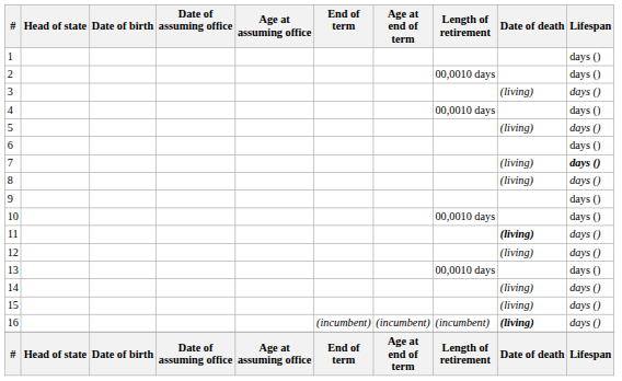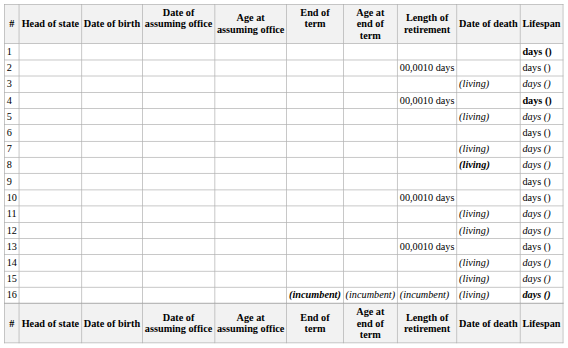 <table class="sortable wikitable">
 <tr>
 <th align="center">#<br></th>
 <th align="center">Head of state<br></th>
 <th align="center">Date of birth<br></th>
 <th align="center" class="unsortable" valign="top">Date of <br>assuming office</th>
 <th align="center">Age at <br>assuming office<br></th>
 <th align="center" class="unsortable" valign="top">End of<br>term</th>
 <th align="center">Age at <br>end of<br>term</th>
 <th align="center">Length of<br>retirement<br></th>
 <th align="center">Date of death<br></th>
 <th align="center">Lifespan<br></th>
 </tr>
 <tr style="text-align: left; background:#FFFFFF">
 <td>1</td>
 <td></td>
 <td></td>
 <td></td>
 <td></td>
 <td></td>
 <td></td>
 <td></td>
 <td></td>
-<td> days ()</td>
+<td><strong> days ()</strong></td>
 </tr>
 <tr style="text-align: left; background:#FFFFFF">
 <td>2</td>
 <td></td>
 <td></td>
 <td></td>
 <td></td>
 <td></td>
 <td></td>
 <td><span>00,001</span>0 days</td>
 <td></td>
 <td> days ()</td>
 </tr>
 <tr style="text-align: left; background:#FFFFFF">
 <td>3</td>
 <td></td>
 <td></td>
 <td></td>
 <td></td>
 <td></td>
 <td></td>
 <td><em></em></td>
 <td><em>(living)</em></td>
 <td><em> days ()</em></td>
 </tr>
 <tr style="text-align: left; background:#FFFFFF">
 <td>4</td>
 <td></td>
 <td></td>
 <td></td>
 <td></td>
 <td></td>
 <td></td>
 <td><span>00,001</span>0 days</td>
 <td></td>
-<td> days ()</td>
+<td><strong> days ()</strong></td>
 </tr>
 <tr style="text-align: left; background:#FFFFFF">
 <td>5</td>
 <td></td>
 <td></td>
 <td></td>
 <td></td>
 <td></td>
 <td></td>
 <td></td>
 <td><em>(living)</em></td>
 <td><em> days ()</em></td>
 </tr>
 <tr style="text-align: left; background:#FFFFFF">
 <td>6</td>
 <td></td>
 <td></td>
 <td></td>
 <td></td>
 <td></td>
 <td></td>
 <td></td>
 <td></td>
 <td> days ()</td>
 </tr>
 <tr style="text-align: left; background:#FFFFFF">
 <td>7</td>
 <td></td>
 <td></td>
 <td></td>
 <td></td>
 <td></td>
 <td></td>
 <td></td>
 <td><em>(living)</em></td>
-<td><strong><em> days ()</em></strong></td>
+<td><em> days ()</em></td>
 </tr>
 <tr style="text-align: left; background:#FFFFFF">
 <td>8</td>
 <td></td>
 <td></td>
 <td></td>
 <td></td>
 <td></td>
 <td></td>
 <td><em></em></td>
-<td><em>(living)</em></td>
+<td><strong><em>(living)</em></strong></td>
 <td><em> days ()</em></td>
 </tr>
 <tr style="text-align: left; background:#FFFFFF">
 <td>9</td>
 <td></td>
 <td></td>
 <td></td>
 <td></td>
 <td></td>
 <td></td>
 <td></td>
 <td></td>
 <td> days ()</td>
 </tr>
 <tr style="text-align: left; background:#FFFFFF">
 <td>10</td>
 <td></td>
 <td></td>
 <td></td>
 <td></td>
 <td></td>
 <td></td>
 <td><span>00,001</span>0 days</td>
 <td></td>
 <td> days ()</td>
 </tr>
 <tr style="text-align: left; background:#FFFFFF">
 <td>11</td>
 <td></td>
 <td></td>
 <td></td>
 <td></td>
 <td></td>
 <td></td>
 <td><em></em></td>
-<td><strong><em>(living)</em></strong></td>
+<td><em>(living)</em></td>
 <td><em> days ()</em></td>
 </tr>
 <tr style="text-align: left; background:#FFFFFF">
 <td>12</td>
 <td></td>
 <td></td>
 <td></td>
 <td></td>
 <td></td>
 <td></td>
 <td><em></em></td>
 <td><em>(living)</em></td>
 <td><em> days ()</em></td>
 </tr>
 <tr style="text-align: left; background:#FFFFFF">
 <td>13</td>
 <td></td>
 <td></td>
 <td></td>
 <td></td>
 <td></td>
 <td></td>
 <td><span>00,001</span>0 days</td>
 <td></td>
 <td> days ()</td>
 </tr>
 <tr style="text-align: left; background:#FFFFFF">
 <td>14</td>
 <td></td>
 <td></td>
 <td></td>
 <td></td>
 <td></td>
 <td></td>
 <td><em></em></td>
 <td><em>(living)</em></td>
 <td><em> days ()</em></td>
 </tr>
 <tr style="text-align: left; background:#FFFFFF">
 <td>15</td>
 <td></td>
 <td></td>
 <td></td>
 <td></td>
 <td></td>
 <td></td>
 <td><em></em></td>
 <td><em>(living)</em></td>
 <td><em> days ()</em></td>
 </tr>
 <tr style="text-align: left; background:#FFFFFF">
 <td>16</td>
 <td></td>
 <td></td>
 <td></td>
 <td></td>
+<td><strong><em>(incumbent)</em></strong></td>
 <td><em>(incumbent)</em></td>
 <td><em>(incumbent)</em></td>
-<td><em>(incumbent)</em></td>
-<td><strong><em>(living)</em></strong></td>
-<td><em> days ()</em></td>
+<td><em>(living)</em></td>
+<td><strong><em> days ()</em></strong></td>
 </tr>
 <tr style="text-align: left; background:#FFFFFF">
 </tr>
 <tr class="sortbottom" style="text-align:left">
 <th align="center">#</th>
 <th align="center">Head of state</th>
 <th align="center">Date of birth</th>
 <th align="center">Date of<br>assuming office</th>
 <th align="center">Age at<br>assuming office</th>
 <th align="center">End of<br>term</th>
 <th align="center">Age at <br>end of<br>term</th>
 <th align="center">Length of<br>retirement</th>
 <th align="center">Date of death</th>
 <th align="center">Lifespan</th>
 </tr>
 </table>
